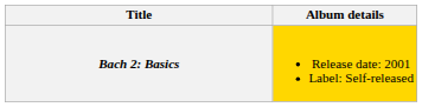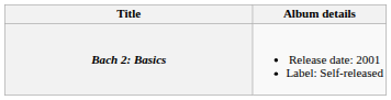 <table class="wikitable plainrowheaders" style="text-align:center;">
 <tr>
 <th scope="col" style="width:20em;">Title</th>
 <th scope="col">Album details</th>
 </tr>
 <tr>
 <th scope="row"><em>Bach 2: Basics</em></th>
-<td style="background: gold;"><br><ul><li>Release date: 2001</li><li>Label: Self-released</li></ul></td>
+<td><br><ul><li>Release date: 2001</li><li>Label: Self-released</li></ul></td>
 </tr>
 </table>
